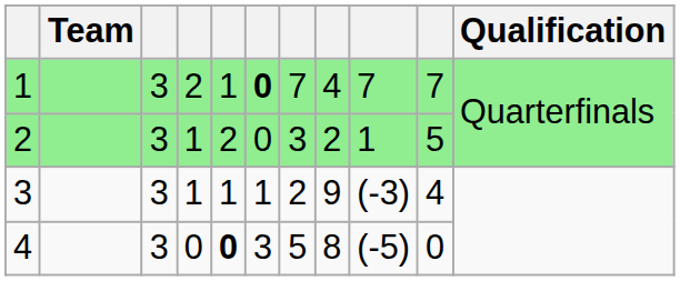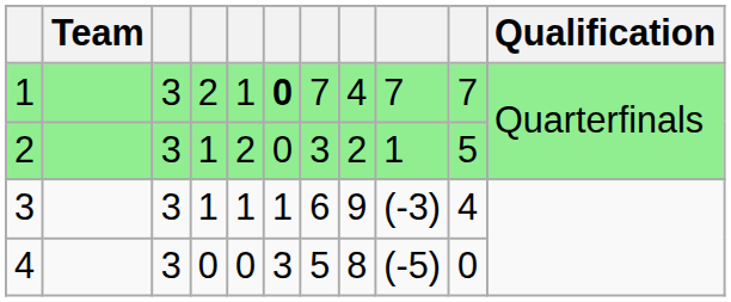 <table class="wikitable">
 <tr>
 <th></th>
 <th>Team</th>
 <th></th>
 <th></th>
 <th></th>
 <th></th>
 <th></th>
 <th></th>
 <th></th>
 <th></th>
 <th>Qualification</th>
 </tr>
 <tr bgcolor=lightgreen>
 <td>1</td>
 <td></td>
 <td>3</td>
 <td>2</td>
 <td>1</td>
 <td><strong>0</strong></td>
 <td>7</td>
 <td>4</td>
 <td>7</td>
 <td>7</td>
 <td rowspan=2>Quarterfinals</td>
 </tr>
 <tr bgcolor=lightgreen>
 <td>2</td>
 <td></td>
 <td>3</td>
 <td>1</td>
 <td>2</td>
 <td>0</td>
 <td>3</td>
 <td>2</td>
 <td>1</td>
 <td>5</td>
 </tr>
 <tr>
 <td>3</td>
 <td></td>
 <td>3</td>
 <td>1</td>
 <td>1</td>
 <td>1</td>
-<td>2</td>
+<td>6</td>
 <td>9</td>
 <td>(-3)</td>
 <td>4</td>
 <td rowspan=2></td>
 </tr>
 <tr>
 <td>4</td>
 <td></td>
 <td>3</td>
 <td>0</td>
-<td><strong>0</strong></td>
+<td>0</td>
 <td>3</td>
 <td>5</td>
 <td>8</td>
 <td>(-5)</td>
 <td>0</td>
 </tr>
 </table>
